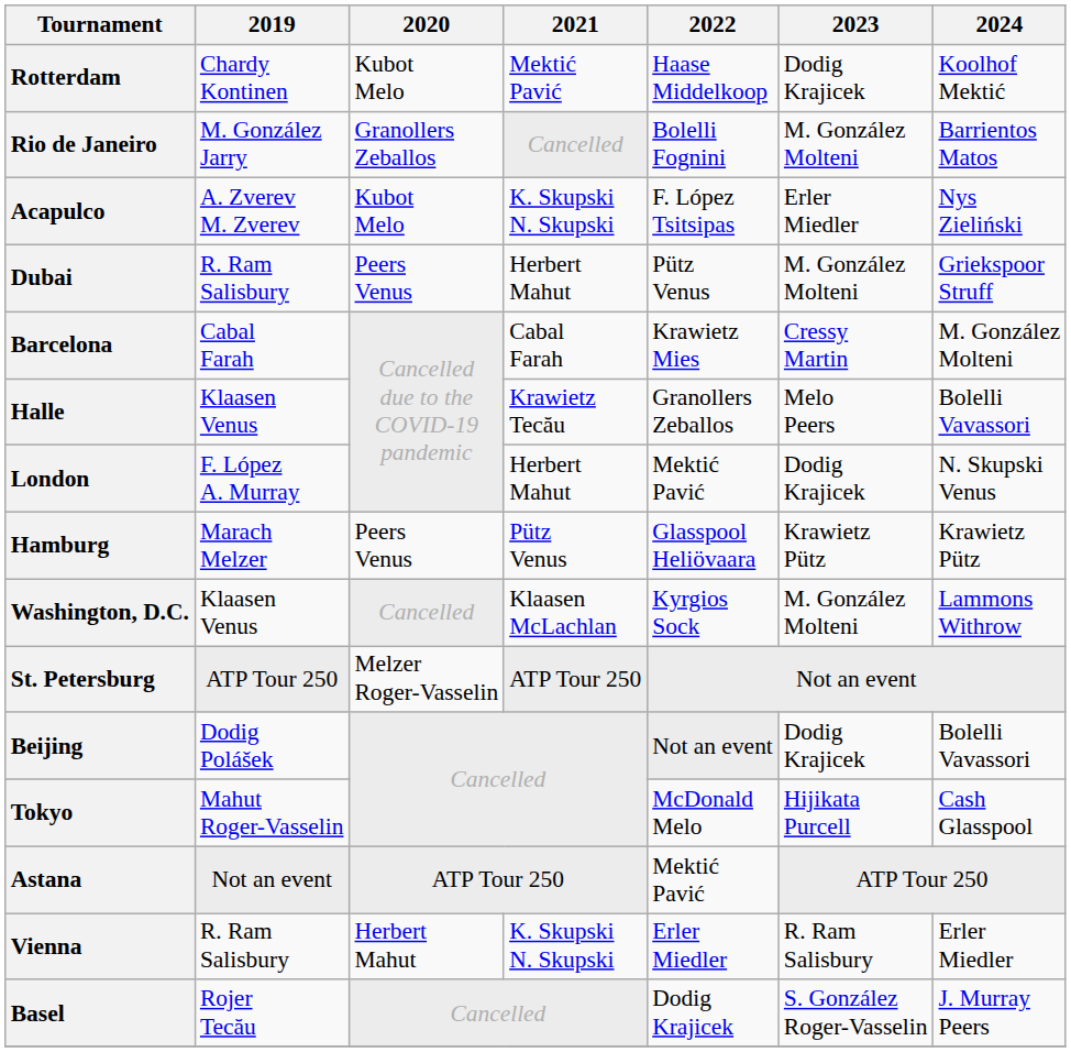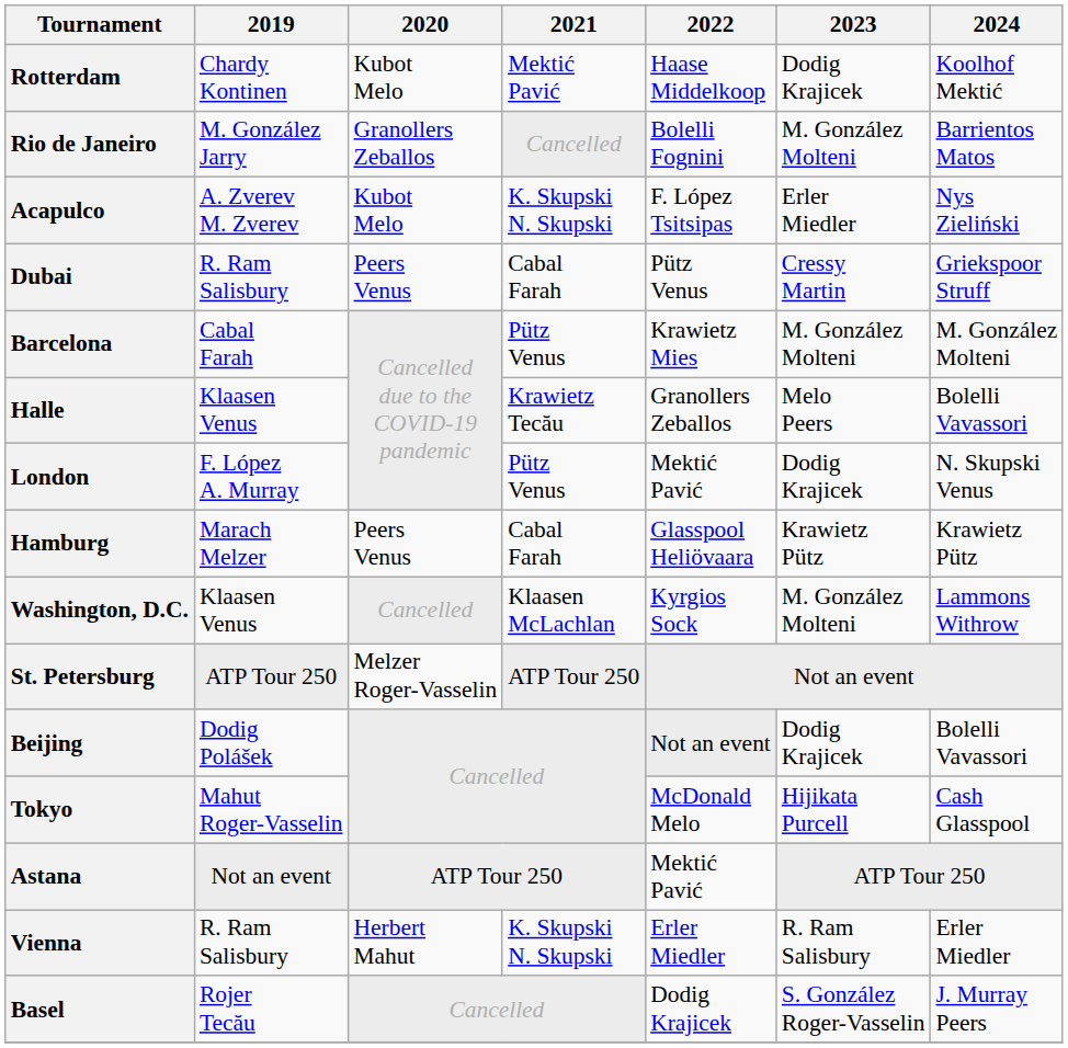 <table class="wikitable nowrap plainrowheaders" style="font-size:90%;">
 <tr style="background:#ececec;">
 <th>Tournament</th>
 <th>2019</th>
 <th>2020</th>
 <th>2021</th>
 <th>2022</th>
 <th>2023</th>
 <th>2024</th>
 </tr>
 <tr>
 <th style="text-align: left;">Rotterdam</th>
 <td> <a href='#'>Chardy</a><br> <a href='#'>Kontinen</a></td>
 <td> Kubot  <br>  Melo</td>
 <td> <a href='#'>Mektić</a> <br>  <a href='#'>Pavić</a></td>
 <td> <a href='#'>Haase</a><br> <a href='#'>Middelkoop</a></td>
 <td> Dodig<br>  Krajicek</td>
 <td> <a href='#'>Koolhof</a><br> Mektić</td>
 </tr>
 <tr>
 <th style="text-align: left;">Rio de Janeiro</th>
 <td> <a href='#'>M. González</a><br> <a href='#'>Jarry</a></td>
 <td> <a href='#'>Granollers</a><br> <a href='#'>Zeballos</a></td>
 <td style="background:#ececec; color:#b0b0b0; text-align:center;"><em>Cancelled</em></td>
 <td> <a href='#'>Bolelli</a><br> <a href='#'>Fognini</a></td>
 <td> M. González<br>  <a href='#'>Molteni</a></td>
 <td> <a href='#'>Barrientos</a><br> <a href='#'>Matos</a></td>
 </tr>
 <tr>
 <th style="text-align: left;">Acapulco</th>
 <td> <a href='#'>A. Zverev</a><br> <a href='#'>M. Zverev</a></td>
 <td> <a href='#'>Kubot</a><br>  <a href='#'>Melo</a></td>
 <td> <a href='#'>K. Skupski</a><br>  <a href='#'>N. Skupski</a></td>
 <td> F. López<br>  <a href='#'>Tsitsipas</a></td>
 <td> Erler<br>  Miedler</td>
 <td> <a href='#'>Nys</a> <br>  <a href='#'>Zieliński</a></td>
 </tr>
 <tr>
 <th style="text-align: left;">Dubai</th>
 <td> <a href='#'>R. Ram</a><br> <a href='#'>Salisbury</a></td>
 <td> <a href='#'>Peers</a> <br>  <a href='#'>Venus</a></td>
-<td> Herbert<br>  Mahut</td>
+<td> Cabal<br>  Farah</td>
 <td> Pütz<br>  Venus</td>
-<td> M. González<br>  Molteni</td>
+<td> <a href='#'>Cressy</a><br>  <a href='#'>Martin</a></td>
 <td> <a href='#'>Griekspoor</a><br> <a href='#'>Struff</a></td>
 </tr>
 <tr>
 <th style="text-align: left;">Barcelona</th>
 <td> <a href='#'>Cabal</a><br> <a href='#'>Farah</a></td>
 <td rowspan=3 style="background:#ececec; color:#b0b0b0; text-align:center;"><em>Cancelled<br>due to the<br>COVID-19<br>pandemic</em></td>
-<td> Cabal<br>  Farah</td>
+<td> <a href='#'>Pütz</a><br> Venus</td>
 <td> Krawietz<br>  <a href='#'>Mies</a></td>
-<td> <a href='#'>Cressy</a><br>  <a href='#'>Martin</a></td>
+<td> M. González<br>  Molteni</td>
 <td> M. González<br>  Molteni</td>
 </tr>
 <tr>
 <th style="text-align: left;">Halle</th>
 <td> <a href='#'>Klaasen</a><br> <a href='#'>Venus</a></td>
 <td> <a href='#'>Krawietz</a><br> Tecău</td>
 <td> Granollers<br> Zeballos</td>
 <td> Melo <br>  Peers</td>
 <td> Bolelli<br> <a href='#'>Vavassori</a></td>
 </tr>
 <tr>
 <th style="text-align: left;">London</th>
 <td> <a href='#'>F. López</a><br> <a href='#'>A. Murray</a></td>
-<td> Herbert<br>  Mahut</td>
+<td> <a href='#'>Pütz</a><br> Venus</td>
 <td> Mektić<br>  Pavić</td>
 <td> Dodig<br>  Krajicek</td>
 <td> N. Skupski<br>  Venus</td>
 </tr>
 <tr>
 <th style="text-align: left;">Hamburg</th>
 <td> <a href='#'>Marach</a> <br> <a href='#'>Melzer</a></td>
 <td> Peers <br>  Venus</td>
-<td> <a href='#'>Pütz</a><br> Venus</td>
+<td> Cabal<br>  Farah</td>
 <td> <a href='#'>Glasspool</a> <br> <a href='#'>Heliövaara</a></td>
 <td> Krawietz <br>  Pütz</td>
 <td> Krawietz <br>  Pütz</td>
 </tr>
 <tr>
 <th style="text-align: left;">Washington, D.C.</th>
 <td> Klaasen<br> Venus</td>
 <td style="background:#ececec; color:#b0b0b0; text-align:center;"><em>Cancelled</em></td>
 <td> Klaasen<br> <a href='#'>McLachlan</a></td>
 <td> <a href='#'>Kyrgios</a> <br> <a href='#'>Sock</a></td>
 <td> M. González <br>  Molteni</td>
 <td> <a href='#'>Lammons</a> <br>  <a href='#'>Withrow</a></td>
 </tr>
 <tr>
 <th style="text-align: left;">St. Petersburg</th>
 <td bgcolor=#ececec colspan=1 align=center><span> ATP Tour 250</span></td>
 <td> Melzer<br> Roger-Vasselin</td>
 <td bgcolor=#ececec colspan=1 align=center><span> ATP Tour 250</span></td>
 <td bgcolor=#ececec colspan=3 align=center><span> Not an event</span></td>
 </tr>
 <tr>
 <th style="text-align: left;">Beijing</th>
 <td> <a href='#'>Dodig</a><br> <a href='#'>Polášek</a></td>
 <td colspan=2 rowspan=2 style="background:#ececec; color:#b0b0b0; text-align:center;"><em>Cancelled</em></td>
 <td bgcolor=#ececec colspan=1 align=center><span> Not an event</span></td>
 <td> Dodig <br>  Krajicek</td>
 <td> Bolelli<br> Vavassori</td>
 </tr>
 <tr>
 <th style="text-align: left;">Tokyo</th>
 <td> <a href='#'>Mahut</a><br> <a href='#'>Roger-Vasselin</a></td>
 <td> <a href='#'>McDonald</a> <br> Melo</td>
 <td> <a href='#'>Hijikata</a> <br>  <a href='#'>Purcell</a></td>
 <td> <a href='#'>Cash</a> <br>  Glasspool</td>
 </tr>
 <tr>
 <th style="text-align: left;">Astana</th>
 <td bgcolor=#ececec colspan=1 align=center><span> Not an event</span></td>
 <td bgcolor=#ececec colspan=2 align=center><span> ATP Tour 250</span></td>
 <td> Mektić<br> Pavić</td>
 <td bgcolor=#ececec colspan=2 align=center><span> ATP Tour 250</span></td>
 </tr>
 <tr>
 <th style="text-align: left;">Vienna</th>
 <td> R. Ram<br> Salisbury</td>
 <td> <a href='#'>Herbert</a><br> Mahut</td>
 <td> <a href='#'>K. Skupski</a><br>  <a href='#'>N. Skupski</a></td>
 <td> <a href='#'>Erler</a><br> <a href='#'>Miedler</a></td>
 <td> R. Ram <br>  Salisbury</td>
 <td> Erler<br>  Miedler</td>
 </tr>
 <tr>
 <th style="text-align: left;">Basel</th>
 <td> <a href='#'>Rojer</a><br> <a href='#'>Tecău</a></td>
 <td colspan=2 style="background:#ececec; color:#b0b0b0; text-align:center;"><em>Cancelled</em></td>
 <td> Dodig<br> <a href='#'>Krajicek</a></td>
 <td> <a href='#'>S. González</a> <br>  Roger-Vasselin</td>
 <td> <a href='#'>J. Murray</a> <br>  Peers</td>
 </tr>
 <tr>
 </tr>
 </table>
